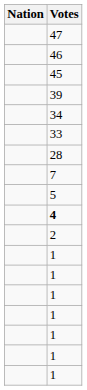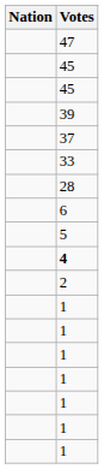 <table class="sortable wikitable" style="text-align:left;">
 <tr>
 <th>Nation</th>
 <th>Votes</th>
 </tr>
 <tr>
 <td></td>
 <td>47</td>
 </tr>
 <tr>
 <td></td>
-<td>46</td>
+<td>45</td>
 </tr>
 <tr>
 <td></td>
 <td>45</td>
 </tr>
 <tr>
 <td></td>
 <td>39</td>
 </tr>
 <tr>
 <td></td>
-<td>34</td>
+<td>37</td>
 </tr>
 <tr>
 <td></td>
 <td>33</td>
 </tr>
 <tr>
 <td></td>
 <td>28</td>
 </tr>
 <tr>
 <td></td>
-<td>7</td>
+<td>6</td>
 </tr>
 <tr>
 <td></td>
 <td>5</td>
 </tr>
 <tr>
 <td></td>
 <td><strong>4</strong></td>
 </tr>
 <tr>
 <td></td>
 <td>2</td>
 </tr>
 <tr>
 <td></td>
 <td>1</td>
 </tr>
 <tr>
 <td></td>
 <td>1</td>
 </tr>
 <tr>
 <td></td>
 <td>1</td>
 </tr>
 <tr>
 <td></td>
 <td>1</td>
 </tr>
 <tr>
 <td></td>
 <td>1</td>
 </tr>
 <tr>
 <td></td>
 <td>1</td>
 </tr>
 <tr>
 <td></td>
 <td>1</td>
 </tr>
 </table>
